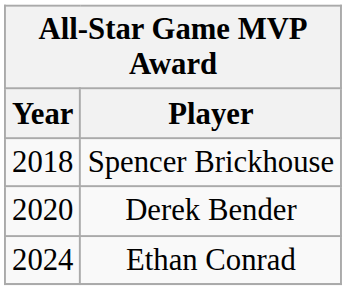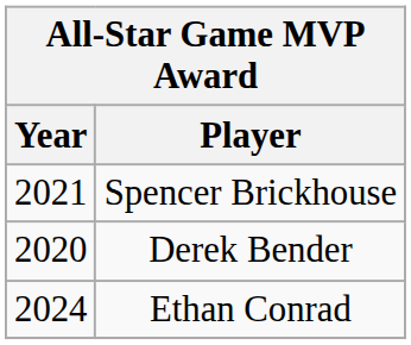 <table class="wikitable" style="display: inline-table; margin-right: 20px; text-align:center">
 <tr>
 <th scope="col" colspan="2" style="width: 145px;">All-Star Game MVP Award</th>
 </tr>
 <tr>
 <th scope="col">Year</th>
 <th scope="col">Player</th>
 </tr>
 <tr>
-<td>2018</td>
+<td>2021</td>
 <td>Spencer Brickhouse</td>
 </tr>
 <tr>
 <td>2020</td>
 <td>Derek Bender</td>
 </tr>
 <tr>
 <td>2024</td>
 <td>Ethan Conrad</td>
 </tr>
 <tr>
 </tr>
 </table>
